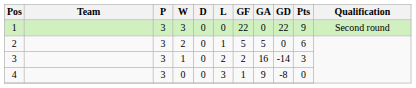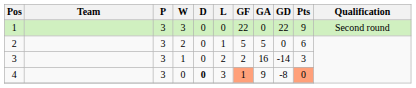 <table class="wikitable" border="1">
 <tr>
 <th width="25"><abbr>Pos</abbr></th>
 <th width="200">Team</th>
 <th width="25">P</th>
 <th width="25">W</th>
 <th width="25">D</th>
 <th width="25">L</th>
 <th width="25"><abbr>GF</abbr></th>
 <th width="25"><abbr>GA</abbr></th>
 <th width="25"><abbr>GD</abbr></th>
 <th width="25"><abbr>Pts</abbr></th>
 <th width="150">Qualification</th>
 </tr>
 <tr bgcolor= #D0F0C0>
 <td align="center">1</td>
 <td></td>
 <td align="center">3</td>
 <td align="center">3</td>
 <td align="center">0</td>
 <td align="center">0</td>
 <td align="center">22</td>
 <td align="center">0</td>
 <td align="center">22</td>
 <td align="center">9</td>
 <td align="center">Second round</td>
 </tr>
 <tr>
 <td align="center">2</td>
 <td></td>
 <td align="center">3</td>
 <td align="center">2</td>
 <td align="center">0</td>
 <td align="center">1</td>
 <td align="center">5</td>
 <td align="center">5</td>
 <td align="center">0</td>
 <td align="center">6</td>
 </tr>
 <tr>
 <td align="center">3</td>
 <td></td>
 <td align="center">3</td>
 <td align="center">1</td>
 <td align="center">0</td>
 <td align="center">2</td>
 <td align="center">2</td>
 <td align="center">16</td>
 <td align="center">-14</td>
 <td align="center">3</td>
 </tr>
 <tr>
 <td align="center">4</td>
 <td></td>
 <td align="center">3</td>
 <td align="center">0</td>
-<td align="center">0</td>
+<td align="center"><strong>0</strong></td>
 <td align="center">3</td>
-<td align="center">1</td>
+<td align="center" style="background: lightsalmon;">1</td>
 <td align="center">9</td>
 <td align="center">-8</td>
-<td align="center">0</td>
+<td align="center" style="background: lightsalmon;">0</td>
 </tr>
 <tr>
 </tr>
 </table>
